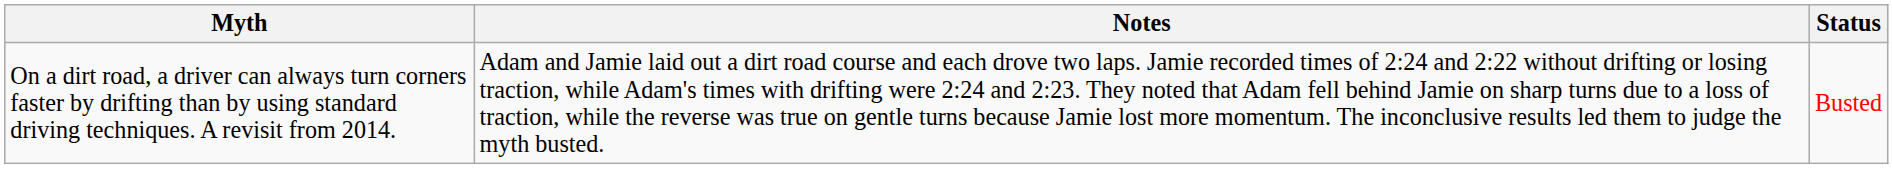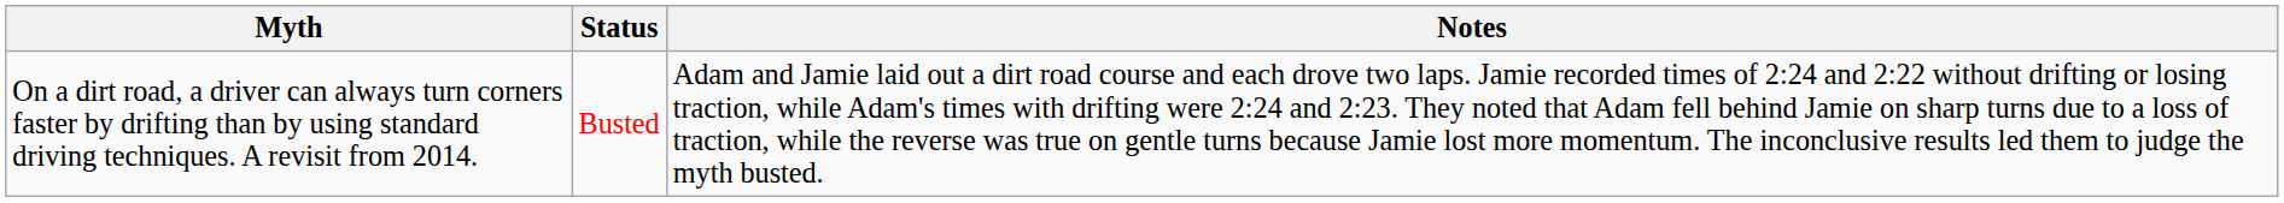 <table class="wikitable plainrowheaders">
 <tr>
 <th scope"col">Myth</th>
+<th scope"col">Status</th>
 <th scope"col">Notes</th>
-<th scope"col">Status</th>
 </tr>
 <tr>
 <td scope"row">On a dirt road, a driver can always turn corners faster by drifting than by using standard driving techniques. A revisit from 2014.</td>
+<td style="color:red">Busted</td>
 <td>Adam and Jamie laid out a  dirt road course and each drove two laps. Jamie recorded times of 2:24 and 2:22 without drifting or losing traction, while Adam's times with drifting were 2:24 and 2:23. They noted that Adam fell behind Jamie on sharp turns due to a loss of traction, while the reverse was true on gentle turns because Jamie lost more momentum. The inconclusive results led them to judge the myth busted.</td>
-<td style="color:red">Busted</td>
 </tr>
 </table>
